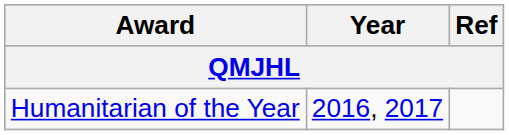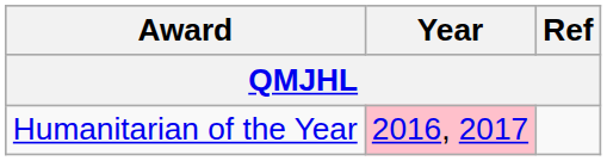 <table class="wikitable">
 <tr>
 <th>Award</th>
 <th>Year</th>
 <th>Ref</th>
 </tr>
 <tr>
 <th colspan="3"><a href='#'>QMJHL</a></th>
 </tr>
 <tr>
 <td><a href='#'>Humanitarian of the Year</a></td>
-<td><a href='#'>2016</a>, <a href='#'>2017</a></td>
+<td style="background: pink;"><a href='#'>2016</a>, <a href='#'>2017</a></td>
 <td></td>
 </tr>
 </table>
